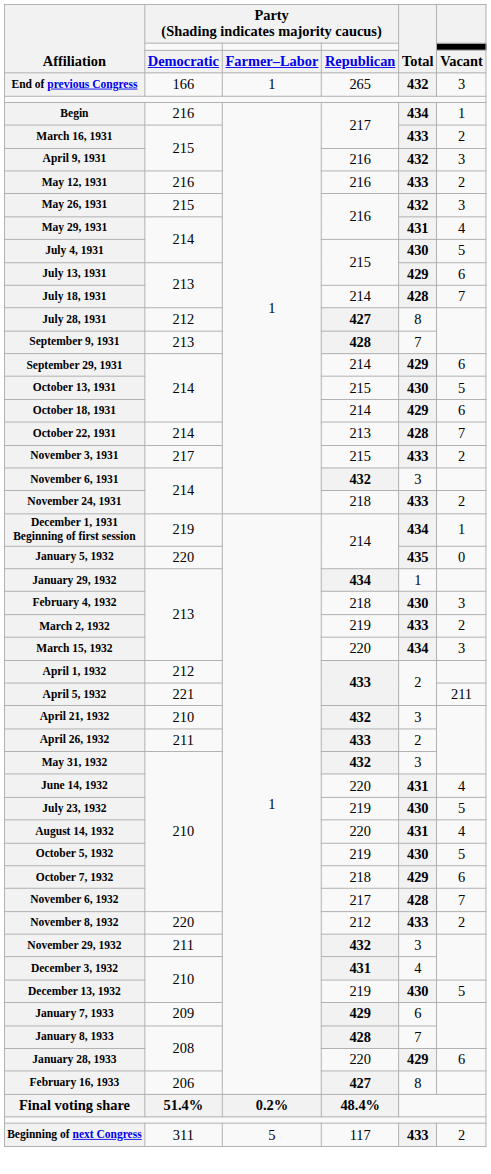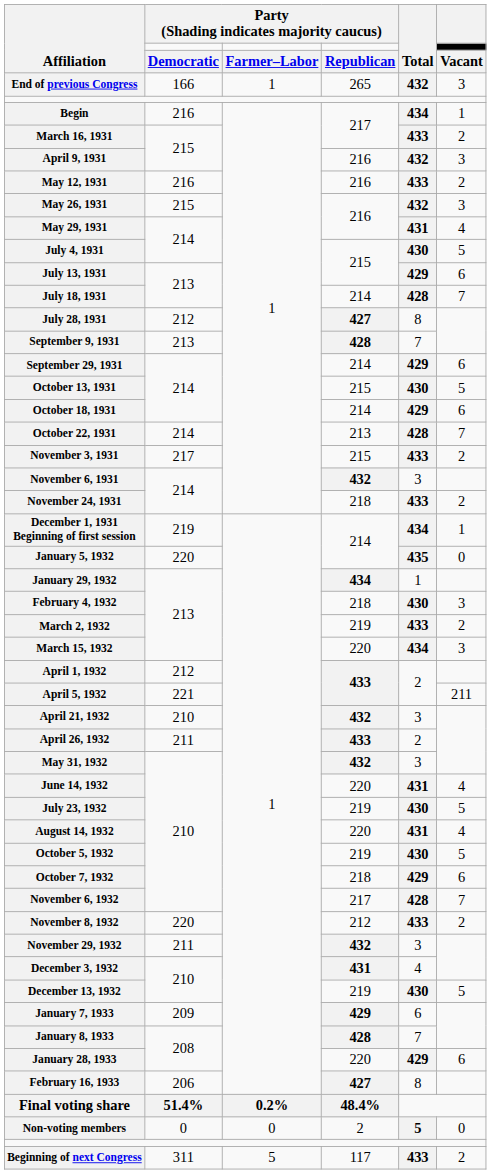 <table class="wikitable" style="text-align:center;">
 <tr style="vertical-align:bottom;">
 <th rowspan=3>Affiliation</th>
 <th colspan=3>Party <div>(Shading indicates majority caucus)</div></th>
 <th rowspan=3>Total</th>
 <th></th>
 </tr>
 <tr style="height:5px">
 <td style="background-color:"></td>
 <td style="background-color:"></td>
 <td style="background-color:"></td>
 <td style="background:black;"></td>
 </tr>
 <tr>
 <th><a href='#'>Democratic</a></th>
 <th><a href='#'>Farmer–Labor</a></th>
 <th><a href='#'>Republican</a></th>
 <th>Vacant</th>
 </tr>
 <tr>
 <th style="white-space:nowrap; font-size:80%;">End of <a href='#'>previous Congress</a></th>
 <td>166</td>
 <td>1</td>
 <td>265</td>
 <th>432</th>
 <td>3</td>
 </tr>
 <tr>
 <td colspan=6></td>
 </tr>
 <tr>
 <th style="white-space:nowrap; font-size:80%;">Begin</th>
 <td>216</td>
 <td rowspan=18>1</td>
 <td rowspan=2 >217</td>
 <th>434</th>
 <td>1</td>
 </tr>
 <tr>
 <th style="white-space:nowrap; font-size:80%;">March 16, 1931</th>
 <td rowspan=2>215</td>
 <th>433</th>
 <td>2</td>
 </tr>
 <tr>
 <th style="white-space:nowrap; font-size:80%;">April 9, 1931</th>
 <td>216</td>
 <th>432</th>
 <td>3</td>
 </tr>
 <tr>
 <th style="white-space:nowrap; font-size:80%;">May 12, 1931</th>
 <td>216</td>
 <td>216</td>
 <th>433</th>
 <td>2</td>
 </tr>
 <tr>
 <th style="white-space:nowrap; font-size:80%;">May 26, 1931</th>
 <td>215</td>
 <td rowspan=2 >216</td>
 <th>432</th>
 <td>3</td>
 </tr>
 <tr>
 <th style="white-space:nowrap; font-size:80%;">May 29, 1931</th>
 <td rowspan=2>214</td>
 <th>431</th>
 <td>4</td>
 </tr>
 <tr>
 <th style="white-space:nowrap; font-size:80%;">July 4, 1931</th>
 <td rowspan=2 >215</td>
 <th>430</th>
 <td>5</td>
 </tr>
 <tr>
 <th style="white-space:nowrap; font-size:80%;">July 13, 1931</th>
 <td rowspan=2>213</td>
 <th>429</th>
 <td>6</td>
 </tr>
 <tr>
 <th style="white-space:nowrap; font-size:80%;">July 18, 1931</th>
 <td>214</td>
 <th>428</th>
 <td>7</td>
 </tr>
 <tr>
 <th style="white-space:nowrap; font-size:80%;">July 28, 1931</th>
 <td>212</td>
 <th>427</th>
 <td>8</td>
 </tr>
 <tr>
 <th style="white-space:nowrap; font-size:80%;">September 9, 1931</th>
 <td>213</td>
 <th>428</th>
 <td>7</td>
 </tr>
 <tr>
 <th style="white-space:nowrap; font-size:80%;">September 29, 1931</th>
 <td rowspan=3>214</td>
 <td>214</td>
 <th>429</th>
 <td>6</td>
 </tr>
 <tr>
 <th style="white-space:nowrap; font-size:80%;">October 13, 1931</th>
 <td>215</td>
 <th>430</th>
 <td>5</td>
 </tr>
 <tr>
 <th style="white-space:nowrap; font-size:80%;">October 18, 1931</th>
 <td>214</td>
 <th>429</th>
 <td>6</td>
 </tr>
 <tr>
 <th style="white-space:nowrap; font-size:80%;">October 22, 1931</th>
 <td>214</td>
 <td>213</td>
 <th>428</th>
 <td>7</td>
 </tr>
 <tr>
 <th style="white-space:nowrap; font-size:80%;">November 3, 1931</th>
 <td>217</td>
 <td>215</td>
 <th>433</th>
 <td>2</td>
 </tr>
 <tr>
 <th style="white-space:nowrap; font-size:80%;">November 6, 1931</th>
 <td rowspan=2>214</td>
 <th>432</th>
 <td>3</td>
 </tr>
 <tr>
 <th style="white-space:nowrap; font-size:80%;">November 24, 1931</th>
 <td>218</td>
 <th>433</th>
 <td>2</td>
 </tr>
 <tr>
 <th style="white-space:nowrap; font-size:80%;">December 1, 1931<br>Beginning of first session</th>
 <td>219</td>
 <td rowspan=25>1</td>
 <td rowspan=2>214</td>
 <th>434</th>
 <td>1</td>
 </tr>
 <tr>
 <th style="white-space:nowrap; font-size:80%;">January 5, 1932</th>
 <td>220</td>
 <th>435</th>
 <td>0</td>
 </tr>
 <tr>
 <th style="white-space:nowrap; font-size:80%;">January 29, 1932</th>
 <td rowspan=4>213</td>
 <th>434</th>
 <td>1</td>
 </tr>
 <tr>
 <th style="white-space:nowrap; font-size:80%;">February 4, 1932</th>
 <td>218</td>
 <th>430</th>
 <td>3</td>
 </tr>
 <tr>
 <th style="white-space:nowrap; font-size:80%;">March 2, 1932</th>
 <td>219</td>
 <th>433</th>
 <td>2</td>
 </tr>
 <tr>
 <th style="white-space:nowrap; font-size:80%;">March 15, 1932</th>
 <td>220</td>
 <th>434</th>
 <td>3</td>
 </tr>
 <tr>
 <th style="white-space:nowrap; font-size:80%;">April 1, 1932</th>
 <td>212</td>
 <th rowspan=2>433</th>
 <td rowspan=2>2</td>
 </tr>
 <tr>
 <th style="white-space:nowrap; font-size:80%;">April 5, 1932</th>
 <td>221</td>
 <td>211</td>
 </tr>
 <tr>
 <th style="white-space:nowrap; font-size:80%;">April 21, 1932</th>
 <td>210</td>
 <th>432</th>
 <td>3</td>
 </tr>
 <tr>
 <th style="white-space:nowrap; font-size:80%;">April 26, 1932</th>
 <td>211</td>
 <th>433</th>
 <td>2</td>
 </tr>
 <tr>
 <th style="white-space:nowrap; font-size:80%;">May 31, 1932</th>
 <td rowspan=7>210</td>
 <th>432</th>
 <td>3</td>
 </tr>
 <tr>
 <th style="white-space:nowrap; font-size:80%;">June 14, 1932</th>
 <td>220</td>
 <th>431</th>
 <td>4</td>
 </tr>
 <tr>
 <th style="white-space:nowrap; font-size:80%;">July 23, 1932</th>
 <td>219</td>
 <th>430</th>
 <td>5</td>
 </tr>
 <tr>
 <th style="white-space:nowrap; font-size:80%;">August 14, 1932</th>
 <td>220</td>
 <th>431</th>
 <td>4</td>
 </tr>
 <tr>
 <th style="white-space:nowrap; font-size:80%;">October 5, 1932</th>
 <td>219</td>
 <th>430</th>
 <td>5</td>
 </tr>
 <tr>
 <th style="white-space:nowrap; font-size:80%;">October 7, 1932</th>
 <td>218</td>
 <th>429</th>
 <td>6</td>
 </tr>
 <tr>
 <th style="white-space:nowrap; font-size:80%;">November 6, 1932</th>
 <td>217</td>
 <th>428</th>
 <td>7</td>
 </tr>
 <tr>
 <th style="white-space:nowrap; font-size:80%;">November 8, 1932</th>
 <td>220</td>
 <td>212</td>
 <th>433</th>
 <td>2</td>
 </tr>
 <tr>
 <th style="white-space:nowrap; font-size:80%;">November 29, 1932</th>
 <td>211</td>
 <th>432</th>
 <td>3</td>
 </tr>
 <tr>
 <th style="white-space:nowrap; font-size:80%;">December 3, 1932</th>
 <td rowspan=2>210</td>
 <th>431</th>
 <td>4</td>
 </tr>
 <tr>
 <th style="white-space:nowrap; font-size:80%;">December 13, 1932</th>
 <td>219</td>
 <th>430</th>
 <td>5</td>
 </tr>
 <tr>
 <th style="white-space:nowrap; font-size:80%;">January 7, 1933</th>
 <td>209</td>
 <th>429</th>
 <td>6</td>
 </tr>
 <tr>
 <th style="white-space:nowrap; font-size:80%;">January 8, 1933</th>
 <td rowspan=2>208</td>
 <th>428</th>
 <td>7</td>
 </tr>
 <tr>
 <th style="white-space:nowrap; font-size:80%;">January 28, 1933</th>
 <td>220</td>
 <th>429</th>
 <td>6</td>
 </tr>
 <tr>
 <th style="white-space:nowrap; font-size:80%;">February 16, 1933</th>
 <td>206</td>
 <th>427</th>
 <td>8</td>
 </tr>
 <tr>
 <th>Final voting share</th>
 <th>51.4% </th>
 <th>0.2%</th>
 <th>48.4%</th>
 <td colspan=2></td>
 </tr>
 <tr>
+<th style=font-size:80%>Non-voting members</th>
+<td>0</td>
+<td>0</td>
+<td>2</td>
+<th>5</th>
+<td>0</td>
+</tr>
+<tr>
 <td colspan=6></td>
 </tr>
 <tr>
 <th style="white-space:nowrap; font-size:80%;">Beginning of <a href='#'>next Congress</a></th>
 <td>311</td>
 <td>5</td>
 <td>117</td>
 <th>433</th>
 <td>2</td>
 </tr>
 </table>
